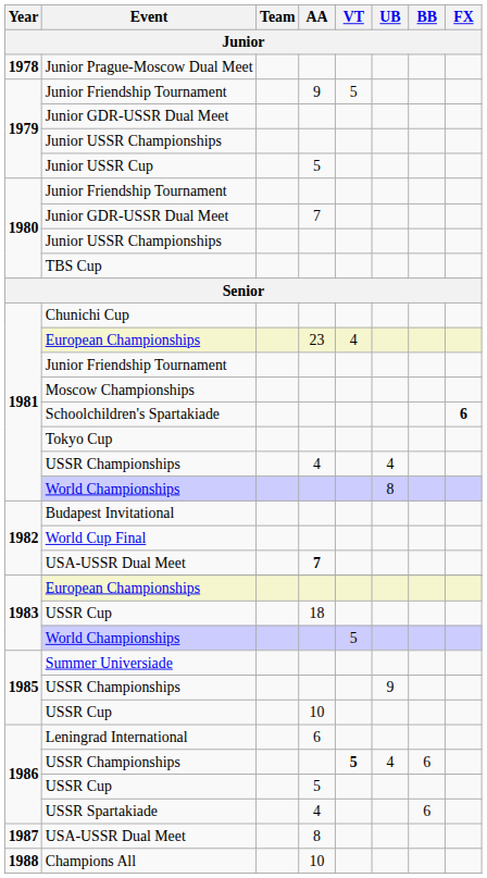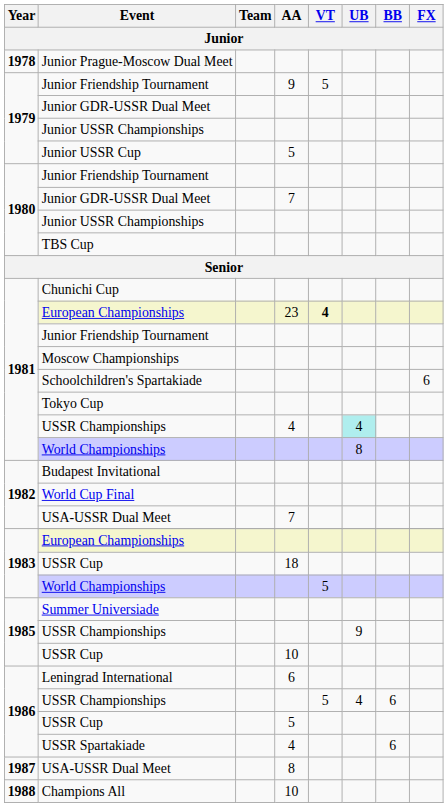 <table class="wikitable" style="text-align:center; font-size:95%;">
 <tr>
 <th align=center>Year</th>
 <th align=center>Event</th>
 <th style="width:30px;">Team</th>
 <th style="width:30px;">AA</th>
 <th style="width:30px;"><a href='#'>VT</a></th>
 <th style="width:30px;"><a href='#'>UB</a></th>
 <th style="width:30px;"><a href='#'>BB</a></th>
 <th style="width:30px;"><a href='#'>FX</a></th>
 </tr>
 <tr>
 <th colspan="8"><strong>Junior</strong></th>
 </tr>
 <tr>
 <td rowspan="1"><strong>1978</strong></td>
 <td align=left>Junior Prague-Moscow Dual Meet</td>
 <td></td>
 <td></td>
 <td></td>
 <td></td>
 <td></td>
 <td></td>
 </tr>
 <tr>
 <td rowspan="4"><strong>1979</strong></td>
 <td align=left>Junior Friendship Tournament</td>
 <td></td>
 <td>9</td>
 <td>5</td>
 <td></td>
 <td></td>
 <td></td>
 </tr>
 <tr>
 <td align=left>Junior GDR-USSR Dual Meet</td>
 <td></td>
 <td></td>
 <td></td>
 <td></td>
 <td></td>
 <td></td>
 </tr>
 <tr>
 <td align=left>Junior USSR Championships</td>
 <td></td>
 <td></td>
 <td></td>
 <td></td>
 <td></td>
 <td></td>
 </tr>
 <tr>
 <td align=left>Junior USSR Cup</td>
 <td></td>
 <td>5</td>
 <td></td>
 <td></td>
 <td></td>
 <td></td>
 </tr>
 <tr>
 <td rowspan="4"><strong>1980</strong></td>
 <td align=left>Junior Friendship Tournament</td>
 <td></td>
 <td></td>
 <td></td>
 <td></td>
 <td></td>
 <td></td>
 </tr>
 <tr>
 <td align=left>Junior GDR-USSR Dual Meet</td>
 <td></td>
 <td>7</td>
 <td></td>
 <td></td>
 <td></td>
 <td></td>
 </tr>
 <tr>
 <td align=left>Junior USSR Championships</td>
 <td></td>
 <td></td>
 <td></td>
 <td></td>
 <td></td>
 <td></td>
 </tr>
 <tr>
 <td align=left>TBS Cup</td>
 <td></td>
 <td></td>
 <td></td>
 <td></td>
 <td></td>
 <td></td>
 </tr>
 <tr>
 <th colspan="8"><strong>Senior</strong></th>
 </tr>
 <tr>
 <td rowspan="8"><strong>1981</strong></td>
 <td align=left>Chunichi Cup</td>
 <td></td>
 <td></td>
 <td></td>
 <td></td>
 <td></td>
 <td></td>
 </tr>
 <tr bgcolor=#F5F6CE>
 <td align=left><a href='#'>European Championships</a></td>
 <td></td>
 <td>23</td>
-<td>4</td>
+<td><strong>4</strong></td>
 <td></td>
 <td></td>
 <td></td>
 </tr>
 <tr>
 <td align=left>Junior Friendship Tournament</td>
 <td></td>
 <td></td>
 <td></td>
 <td></td>
 <td></td>
 <td></td>
 </tr>
 <tr>
 <td align=left>Moscow Championships</td>
 <td></td>
 <td></td>
 <td></td>
 <td></td>
 <td></td>
 <td></td>
 </tr>
 <tr>
 <td align=left>Schoolchildren's Spartakiade</td>
 <td></td>
 <td></td>
 <td></td>
 <td></td>
 <td></td>
-<td><strong>6</strong></td>
+<td>6</td>
 </tr>
 <tr>
 <td align=left>Tokyo Cup</td>
 <td></td>
 <td></td>
 <td></td>
 <td></td>
 <td></td>
 <td></td>
 </tr>
 <tr>
 <td align=left>USSR Championships</td>
 <td></td>
 <td>4</td>
 <td></td>
-<td>4</td>
+<td style="background: paleturquoise;">4</td>
 <td></td>
 <td></td>
 </tr>
 <tr bgcolor=#CCCCFF>
 <td align=left><a href='#'>World Championships</a></td>
 <td></td>
 <td></td>
 <td></td>
 <td>8</td>
 <td></td>
 <td></td>
 </tr>
 <tr>
 <td rowspan="3"><strong>1982</strong></td>
 <td align=left>Budapest Invitational</td>
 <td></td>
 <td></td>
 <td></td>
 <td></td>
 <td></td>
 <td></td>
 </tr>
 <tr>
 <td align=left><a href='#'>World Cup Final</a></td>
 <td></td>
 <td></td>
 <td></td>
 <td></td>
 <td></td>
 <td></td>
 </tr>
 <tr>
 <td align=left>USA-USSR Dual Meet</td>
 <td></td>
-<td><strong>7</strong></td>
+<td>7</td>
 <td></td>
 <td></td>
 <td></td>
 <td></td>
 </tr>
 <tr>
 <td rowspan="4"><strong>1983</strong></td>
 </tr>
 <tr bgcolor=#F5F6CE>
 <td align=left><a href='#'>European Championships</a></td>
 <td></td>
 <td></td>
 <td></td>
 <td></td>
 <td></td>
 <td></td>
 </tr>
 <tr>
 <td align=left>USSR Cup</td>
 <td></td>
 <td>18</td>
 <td></td>
 <td></td>
 <td></td>
 <td></td>
 </tr>
 <tr bgcolor=#CCCCFF>
 <td align=left><a href='#'>World Championships</a></td>
 <td></td>
 <td></td>
 <td>5</td>
 <td></td>
 <td></td>
 <td></td>
 </tr>
 <tr>
 <td rowspan="3"><strong>1985</strong></td>
 <td align=left><a href='#'>Summer Universiade</a></td>
 <td></td>
 <td></td>
 <td></td>
 <td></td>
 <td></td>
 <td></td>
 </tr>
 <tr>
 <td align=left>USSR Championships</td>
 <td></td>
 <td></td>
 <td></td>
 <td>9</td>
 <td></td>
 <td></td>
 </tr>
 <tr>
 <td align=left>USSR Cup</td>
 <td></td>
 <td>10</td>
 <td></td>
 <td></td>
 <td></td>
 <td></td>
 </tr>
 <tr>
 <td rowspan="4"><strong>1986</strong></td>
 <td align=left>Leningrad International</td>
 <td></td>
 <td>6</td>
 <td></td>
 <td></td>
 <td></td>
 <td></td>
 </tr>
 <tr>
 <td align=left>USSR Championships</td>
 <td></td>
 <td></td>
-<td><strong>5</strong></td>
+<td>5</td>
 <td>4</td>
 <td>6</td>
 <td></td>
 </tr>
 <tr>
 <td align=left>USSR Cup</td>
 <td></td>
 <td>5</td>
 <td></td>
 <td></td>
 <td></td>
 <td></td>
 </tr>
 <tr>
 <td align=left>USSR Spartakiade</td>
 <td></td>
 <td>4</td>
 <td></td>
 <td></td>
 <td>6</td>
 <td></td>
 </tr>
 <tr>
 <td rowspan="1"><strong>1987</strong></td>
 <td align=left>USA-USSR Dual Meet</td>
 <td></td>
 <td>8</td>
 <td></td>
 <td></td>
 <td></td>
 <td></td>
 </tr>
 <tr>
 <td rowspan="1"><strong>1988</strong></td>
 <td align=left>Champions All</td>
 <td></td>
 <td>10</td>
 <td></td>
 <td></td>
 <td></td>
 <td></td>
 </tr>
 </table>
